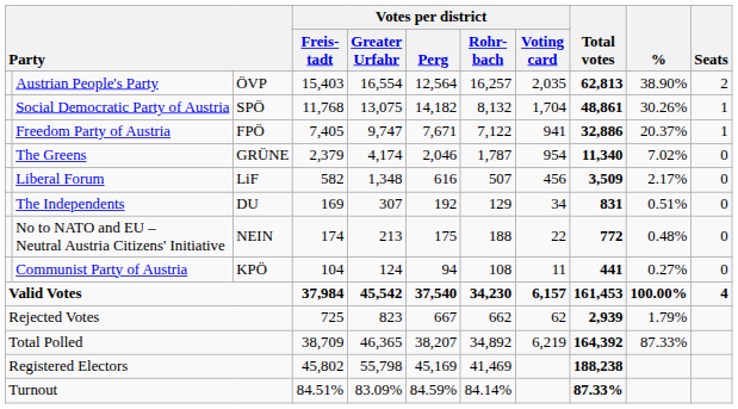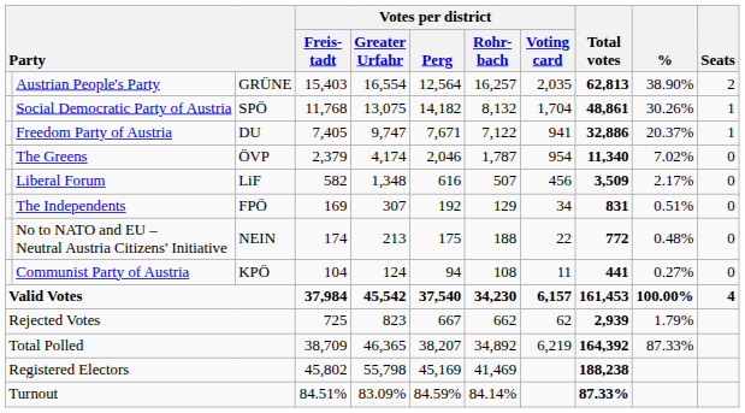 <table class="wikitable" border="1" style="text-align:right;">
 <tr>
 <th style="text-align:left;" valign=bottom rowspan=2 colspan=3>Party</th>
 <th colspan=5>Votes per district</th>
 <th align=center valign=bottom rowspan=2 width="50">Total<br>votes</th>
 <th align=center valign=bottom rowspan=2 width="50">%</th>
 <th align=center valign=bottom rowspan=2>Seats</th>
 </tr>
 <tr>
 <th align=center valign=bottom width="50"><a href='#'>Freis-<br>tadt</a></th>
 <th align=center valign=bottom width="50"><a href='#'>Greater<br>Urfahr</a></th>
 <th align=center valign=bottom width="50"><a href='#'>Perg</a></th>
 <th align=center valign=bottom width="50"><a href='#'>Rohr-<br>bach</a></th>
 <th align=center valign=bottom width="50"><a href='#'>Voting<br>card</a></th>
 </tr>
 <tr>
 <td></td>
 <td align=left><a href='#'>Austrian People's Party</a></td>
-<td align=left>ÖVP</td>
+<td align=left>GRÜNE</td>
 <td>15,403</td>
 <td>16,554</td>
 <td>12,564</td>
 <td>16,257</td>
 <td>2,035</td>
 <td><strong>62,813</strong></td>
 <td>38.90%</td>
 <td>2</td>
 </tr>
 <tr>
 <td></td>
 <td align=left style="white-space: nowrap;"><a href='#'>Social Democratic Party of Austria</a></td>
 <td align=left>SPÖ</td>
 <td>11,768</td>
 <td>13,075</td>
 <td>14,182</td>
 <td>8,132</td>
 <td>1,704</td>
 <td><strong>48,861</strong></td>
 <td>30.26%</td>
 <td>1</td>
 </tr>
 <tr>
 <td></td>
 <td align=left><a href='#'>Freedom Party of Austria</a></td>
-<td align=left>FPÖ</td>
+<td align=left>DU</td>
 <td>7,405</td>
 <td>9,747</td>
 <td>7,671</td>
 <td>7,122</td>
 <td>941</td>
 <td><strong>32,886</strong></td>
 <td>20.37%</td>
 <td>1</td>
 </tr>
 <tr>
 <td></td>
 <td align=left><a href='#'>The Greens</a></td>
-<td align=left>GRÜNE</td>
+<td align=left>ÖVP</td>
 <td>2,379</td>
 <td>4,174</td>
 <td>2,046</td>
 <td>1,787</td>
 <td>954</td>
 <td><strong>11,340</strong></td>
 <td>7.02%</td>
 <td>0</td>
 </tr>
 <tr>
 <td></td>
 <td align=left><a href='#'>Liberal Forum</a></td>
 <td align=left>LiF</td>
 <td>582</td>
 <td>1,348</td>
 <td>616</td>
 <td>507</td>
 <td>456</td>
 <td><strong>3,509</strong></td>
 <td>2.17%</td>
 <td>0</td>
 </tr>
 <tr>
 <td></td>
 <td align=left><a href='#'>The Independents</a></td>
-<td align=left>DU</td>
+<td align=left>FPÖ</td>
 <td>169</td>
 <td>307</td>
 <td>192</td>
 <td>129</td>
 <td>34</td>
 <td><strong>831</strong></td>
 <td>0.51%</td>
 <td>0</td>
 </tr>
 <tr>
 <td></td>
 <td align=left>No to NATO and EU –<br>Neutral Austria Citizens' Initiative</td>
 <td align=left>NEIN</td>
 <td>174</td>
 <td>213</td>
 <td>175</td>
 <td>188</td>
 <td>22</td>
 <td><strong>772</strong></td>
 <td>0.48%</td>
 <td>0</td>
 </tr>
 <tr>
 <td></td>
 <td align=left><a href='#'>Communist Party of Austria</a></td>
 <td align=left>KPÖ</td>
 <td>104</td>
 <td>124</td>
 <td>94</td>
 <td>108</td>
 <td>11</td>
 <td><strong>441</strong></td>
 <td>0.27%</td>
 <td>0</td>
 </tr>
 <tr style="font-weight:bold">
 <td align=left colspan=3>Valid Votes</td>
 <td>37,984</td>
 <td>45,542</td>
 <td>37,540</td>
 <td>34,230</td>
 <td>6,157</td>
 <td>161,453</td>
 <td>100.00%</td>
 <td>4</td>
 </tr>
 <tr>
 <td align=left colspan=3>Rejected Votes</td>
 <td>725</td>
 <td>823</td>
 <td>667</td>
 <td>662</td>
 <td>62</td>
 <td><strong>2,939</strong></td>
 <td>1.79%</td>
 <td></td>
 </tr>
 <tr>
 <td align=left colspan=3>Total Polled</td>
 <td>38,709</td>
 <td>46,365</td>
 <td>38,207</td>
 <td>34,892</td>
 <td>6,219</td>
 <td><strong>164,392</strong></td>
 <td>87.33%</td>
 <td></td>
 </tr>
 <tr>
 <td align=left colspan=3>Registered Electors</td>
 <td>45,802</td>
 <td>55,798</td>
 <td>45,169</td>
 <td>41,469</td>
 <td></td>
 <td><strong>188,238</strong></td>
 <td></td>
 <td></td>
 </tr>
 <tr>
 <td align=left colspan=3>Turnout</td>
 <td>84.51%</td>
 <td>83.09%</td>
 <td>84.59%</td>
 <td>84.14%</td>
 <td></td>
 <td><strong>87.33%</strong></td>
 <td></td>
 <td></td>
 </tr>
 </table>
